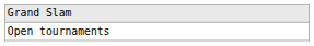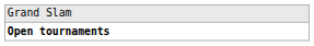 <table class=wikitable style=font-size:85%;width:20%>
 <tr bgcolor=#E9E9E9>
 <td>Grand Slam</td>
 </tr>
 <tr bgcolor=#ffffff>
-<td>Open tournaments</td>
+<td><strong>Open tournaments</strong></td>
 </tr>
 </table>
